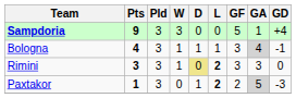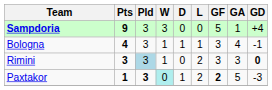 <table class=wikitable style="text-align:center">
 <tr>
 <th width=165>Team</th>
 <th width=20>Pts</th>
 <th width=20>Pld</th>
 <th width=20>W</th>
 <th width=20>D</th>
 <th width=20>L</th>
 <th width=20>GF</th>
 <th width=20>GA</th>
 <th width=20>GD</th>
 </tr>
 <tr style="background:#ccffcc">
 <td style="text-align:left"><strong> <a href='#'>Sampdoria</a></strong></td>
 <td><strong>9</strong></td>
 <td>3</td>
 <td>3</td>
 <td>0</td>
 <td>0</td>
 <td>5</td>
 <td>1</td>
 <td>+4</td>
 </tr>
 <tr>
 <td style="text-align:left"> <a href='#'>Bologna</a></td>
 <td><strong>4</strong></td>
 <td>3</td>
 <td>1</td>
 <td>1</td>
 <td>1</td>
 <td>3</td>
-<td style="background: lightgrey;">4</td>
+<td>4</td>
 <td>-1</td>
 </tr>
 <tr>
 <td style="text-align:left"> <a href='#'>Rimini</a></td>
 <td><strong>3</strong></td>
-<td>3</td>
+<td style="background: lightblue;">3</td>
 <td>1</td>
-<td style="background: khaki;">0</td>
-<td><strong>2</strong></td>
+<td>0</td>
+<td>2</td>
 <td>3</td>
 <td>3</td>
-<td>0</td>
+<td><strong>0</strong></td>
 </tr>
 <tr>
 <td style="text-align:left"> <a href='#'>Paxtakor</a></td>
 <td><strong>1</strong></td>
-<td>3</td>
-<td>0</td>
+<td><strong>3</strong></td>
+<td style="background: paleturquoise;">0</td>
 <td>1</td>
+<td>2</td>
 <td><strong>2</strong></td>
-<td>2</td>
-<td style="background: lightgrey;">5</td>
+<td>5</td>
 <td>-3</td>
 </tr>
 <tr>
 </tr>
 </table>
